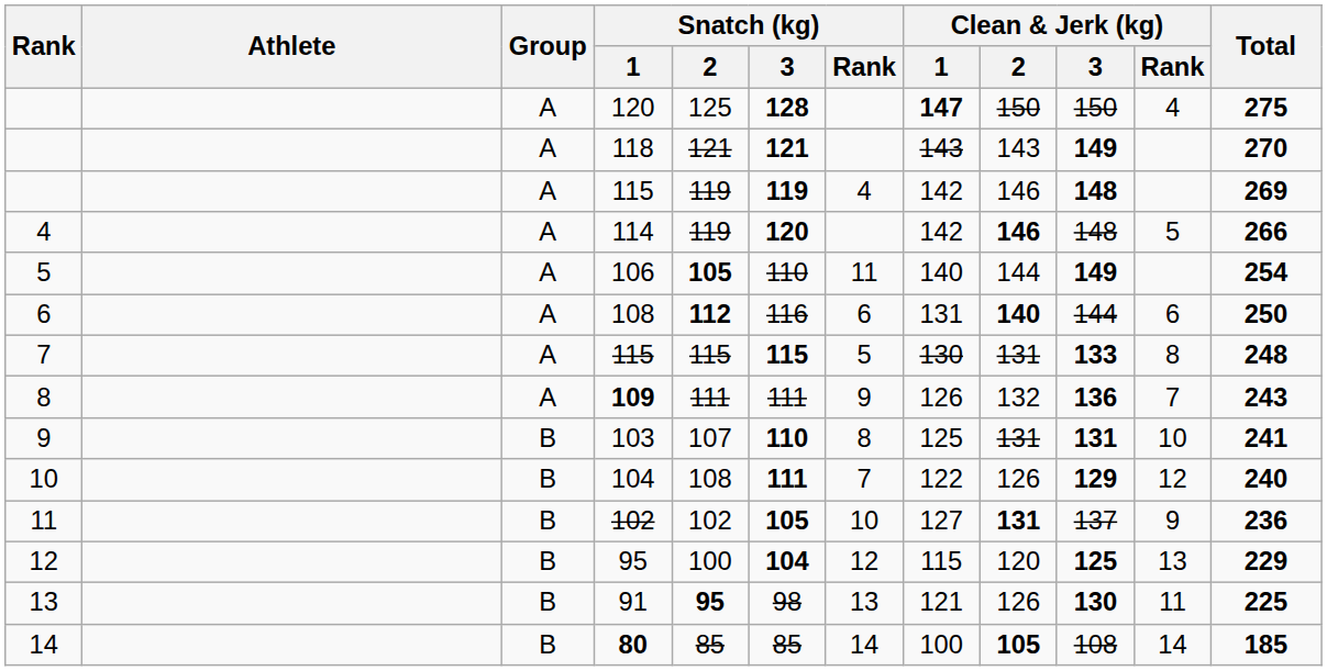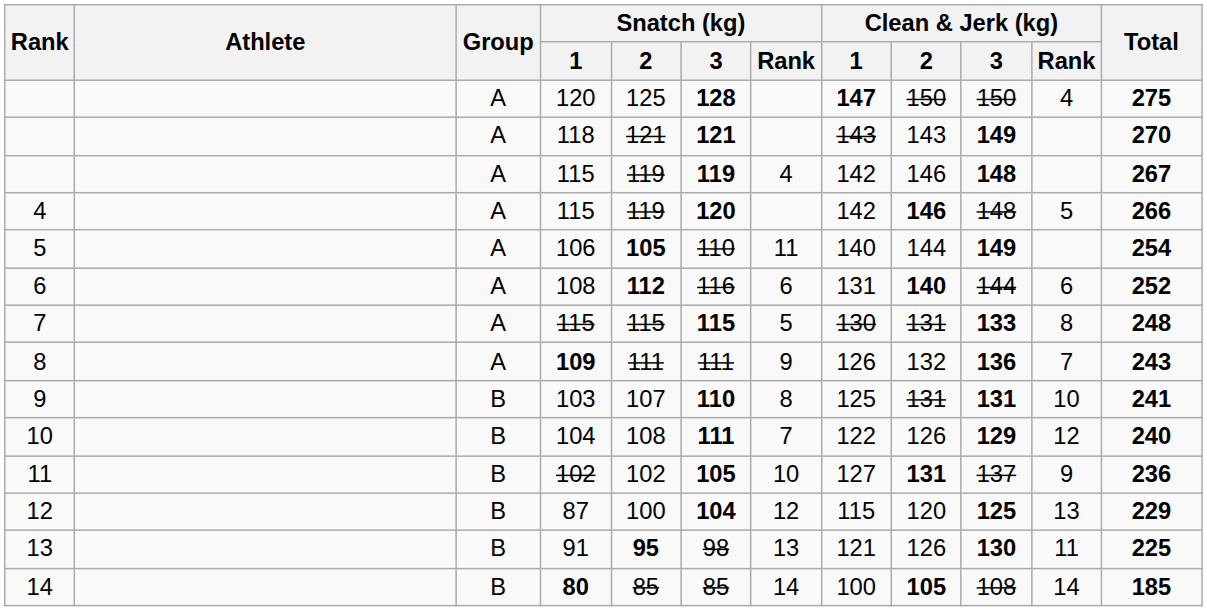 <table class = "wikitable" style="text-align:center;">
 <tr>
 <th rowspan=2 width=40>Rank</th>
 <th rowspan=2 width=250>Athlete</th>
 <th rowspan=2 width=50>Group</th>
 <th colspan=4>Snatch (kg)</th>
 <th colspan=4>Clean & Jerk (kg)</th>
 <th rowspan=2 width=60>Total</th>
 </tr>
 <tr>
 <th width=40>1</th>
 <th width=40>2</th>
 <th width=40>3</th>
 <th width=40>Rank</th>
 <th width=40>1</th>
 <th width=40>2</th>
 <th width=40>3</th>
 <th width=40>Rank</th>
 </tr>
 <tr>
 <td></td>
 <td align=left></td>
 <td>A</td>
 <td>120</td>
 <td>125</td>
 <td><strong>128</strong></td>
 <td></td>
 <td><strong>147</strong></td>
 <td><s>150</s></td>
 <td><s>150</s></td>
 <td>4</td>
 <td><strong>275</strong></td>
 </tr>
 <tr>
 <td></td>
 <td align=left></td>
 <td>A</td>
 <td>118</td>
 <td><s>121</s></td>
 <td><strong>121</strong></td>
 <td></td>
 <td><s>143</s></td>
 <td>143</td>
 <td><strong>149</strong></td>
 <td></td>
 <td><strong>270</strong></td>
 </tr>
 <tr>
 <td></td>
 <td align=left></td>
 <td>A</td>
 <td>115</td>
 <td><s>119</s></td>
 <td><strong>119</strong></td>
 <td>4</td>
 <td>142</td>
 <td>146</td>
 <td><strong>148</strong></td>
 <td></td>
-<td><strong>269</strong></td>
+<td><strong>267</strong></td>
 </tr>
 <tr>
 <td>4</td>
 <td align=left></td>
 <td>A</td>
-<td>114</td>
+<td>115</td>
 <td><s>119</s></td>
 <td><strong>120</strong></td>
 <td></td>
 <td>142</td>
 <td><strong>146</strong></td>
 <td><s>148</s></td>
 <td>5</td>
 <td><strong>266</strong></td>
 </tr>
 <tr>
 <td>5</td>
 <td align=left></td>
 <td>A</td>
 <td>106</td>
 <td><strong>105</strong></td>
 <td><s>110</s></td>
 <td>11</td>
 <td>140</td>
 <td>144</td>
 <td><strong>149</strong></td>
 <td></td>
 <td><strong>254</strong></td>
 </tr>
 <tr>
 <td>6</td>
 <td align=left></td>
 <td>A</td>
 <td>108</td>
 <td><strong>112</strong></td>
 <td><s>116</s></td>
 <td>6</td>
 <td>131</td>
 <td><strong>140</strong></td>
 <td><s>144</s></td>
 <td>6</td>
-<td><strong>250</strong></td>
+<td><strong>252</strong></td>
 </tr>
 <tr>
 <td>7</td>
 <td align=left></td>
 <td>A</td>
 <td><s>115</s></td>
 <td><s>115</s></td>
 <td><strong>115</strong></td>
 <td>5</td>
 <td><s>130</s></td>
 <td><s>131</s></td>
 <td><strong>133</strong></td>
 <td>8</td>
 <td><strong>248</strong></td>
 </tr>
 <tr>
 <td>8</td>
 <td align=left></td>
 <td>A</td>
 <td><strong>109</strong></td>
 <td><s>111</s></td>
 <td><s>111</s></td>
 <td>9</td>
 <td>126</td>
 <td>132</td>
 <td><strong>136</strong></td>
 <td>7</td>
 <td><strong>243</strong></td>
 </tr>
 <tr>
 <td>9</td>
 <td align=left></td>
 <td>B</td>
 <td>103</td>
 <td>107</td>
 <td><strong>110</strong></td>
 <td>8</td>
 <td>125</td>
 <td><s>131</s></td>
 <td><strong>131</strong></td>
 <td>10</td>
 <td><strong>241</strong></td>
 </tr>
 <tr>
 <td>10</td>
 <td align=left></td>
 <td>B</td>
 <td>104</td>
 <td>108</td>
 <td><strong>111</strong></td>
 <td>7</td>
 <td>122</td>
 <td>126</td>
 <td><strong>129</strong></td>
 <td>12</td>
 <td><strong>240</strong></td>
 </tr>
 <tr>
 <td>11</td>
 <td align=left></td>
 <td>B</td>
 <td><s>102</s></td>
 <td>102</td>
 <td><strong>105</strong></td>
 <td>10</td>
 <td>127</td>
 <td><strong>131</strong></td>
 <td><s>137</s></td>
 <td>9</td>
 <td><strong>236</strong></td>
 </tr>
 <tr>
 <td>12</td>
 <td align=left></td>
 <td>B</td>
-<td>95</td>
+<td>87</td>
 <td>100</td>
 <td><strong>104</strong></td>
 <td>12</td>
 <td>115</td>
 <td>120</td>
 <td><strong>125</strong></td>
 <td>13</td>
 <td><strong>229</strong></td>
 </tr>
 <tr>
 <td>13</td>
 <td align=left></td>
 <td>B</td>
 <td>91</td>
 <td><strong>95</strong></td>
 <td><s>98</s></td>
 <td>13</td>
 <td>121</td>
 <td>126</td>
 <td><strong>130</strong></td>
 <td>11</td>
 <td><strong>225</strong></td>
 </tr>
 <tr>
 <td>14</td>
 <td align=left></td>
 <td>B</td>
 <td><strong>80</strong></td>
 <td><s>85</s></td>
 <td><s>85</s></td>
 <td>14</td>
 <td>100</td>
 <td><strong>105</strong></td>
 <td><s>108</s></td>
 <td>14</td>
 <td><strong>185</strong></td>
 </tr>
 </table>
